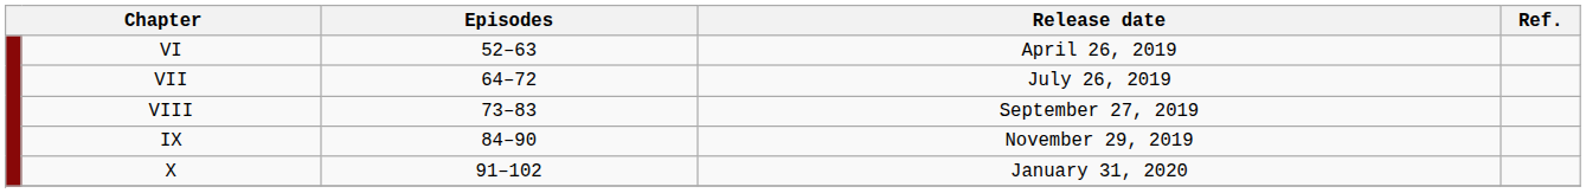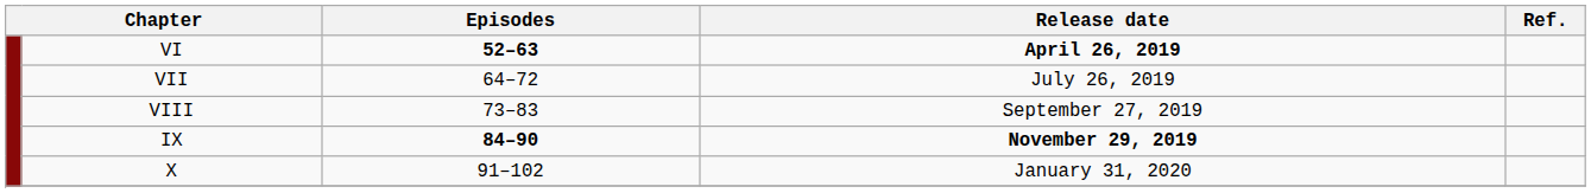 <table class="wikitable" style="text-align: center; width: 70%;">
 <tr>
 <th colspan="2">Chapter</th>
 <th>Episodes</th>
 <th>Release date</th>
 <th width="5%">Ref.</th>
 </tr>
 <tr>
 <td rowspan="10" width="1%" style="background: #880808;"></td>
 <td>VI</td>
-<td>52–63</td>
-<td>April 26, 2019</td>
+<td><strong>52–63</strong></td>
+<td><strong>April 26, 2019</strong></td>
 <td></td>
 </tr>
 <tr>
 <td>VII</td>
 <td>64–72</td>
 <td>July 26, 2019</td>
 <td></td>
 </tr>
 <tr>
 <td>VIII</td>
 <td>73–83</td>
 <td>September 27, 2019</td>
 <td></td>
 </tr>
 <tr>
 <td>IX</td>
-<td>84–90</td>
-<td>November 29, 2019</td>
+<td><strong>84–90</strong></td>
+<td><strong>November 29, 2019</strong></td>
 <td></td>
 </tr>
 <tr>
 <td>X</td>
 <td>91–102</td>
 <td>January 31, 2020</td>
 <td></td>
 </tr>
 <tr>
 </tr>
 </table>
